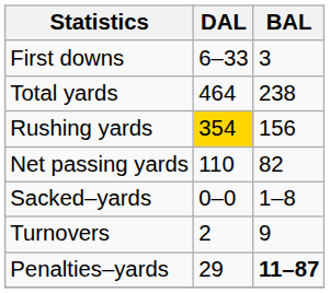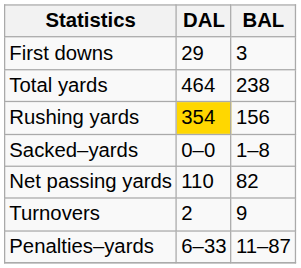 <table class="wikitable" style="float: left;">
 <tr>
 <th>Statistics</th>
 <th>DAL</th>
 <th>BAL</th>
 </tr>
 <tr>
 <td>First downs</td>
-<td>6–33</td>
+<td>29</td>
 <td>3</td>
 </tr>
 <tr>
 <td>Total yards</td>
 <td>464</td>
 <td>238</td>
 </tr>
 <tr>
 <td>Rushing yards</td>
 <td style="background: gold;">354</td>
 <td>156</td>
 </tr>
 <tr>
+<td>Sacked–yards</td>
+<td>0–0</td>
+<td>1–8</td>
+</tr>
+<tr>
 <td>Net passing yards</td>
 <td>110</td>
 <td>82</td>
-</tr>
-<tr>
-<td>Sacked–yards</td>
-<td>0–0</td>
-<td>1–8</td>
 </tr>
 <tr>
 <td>Turnovers</td>
 <td>2</td>
 <td>9</td>
 </tr>
 <tr>
 <td>Penalties–yards</td>
-<td>29</td>
-<td><strong>11–87</strong></td>
+<td>6–33</td>
+<td>11–87</td>
 </tr>
 <tr>
 </tr>
 </table>
